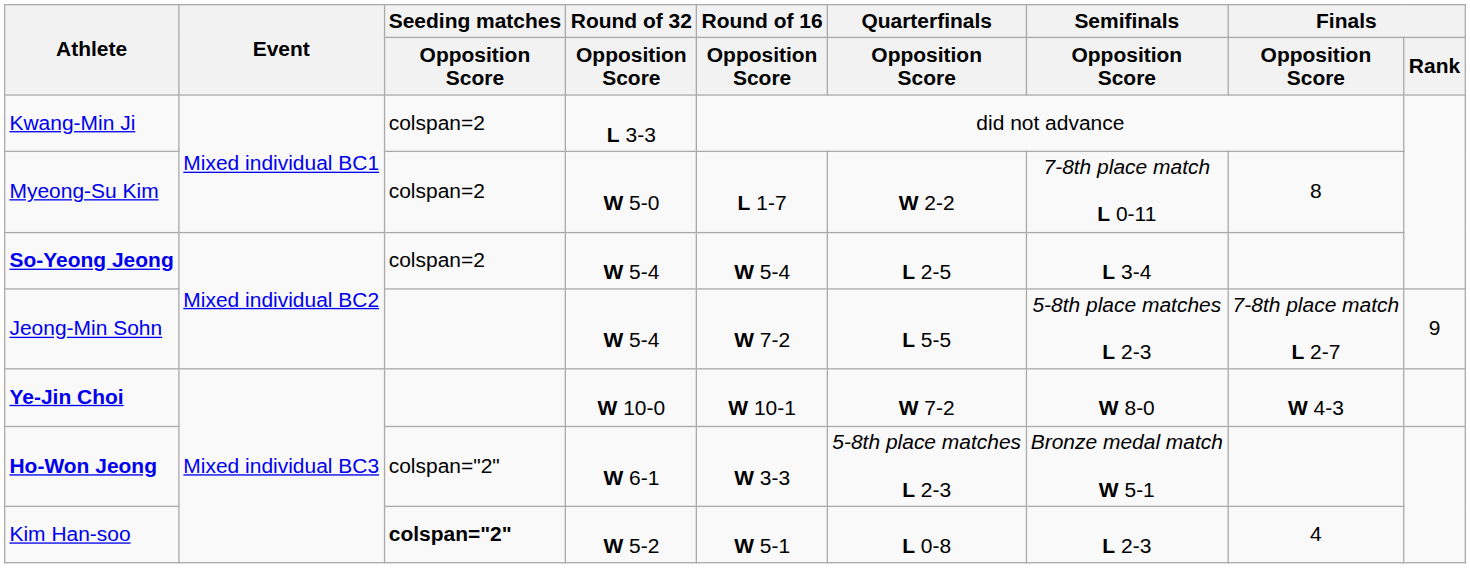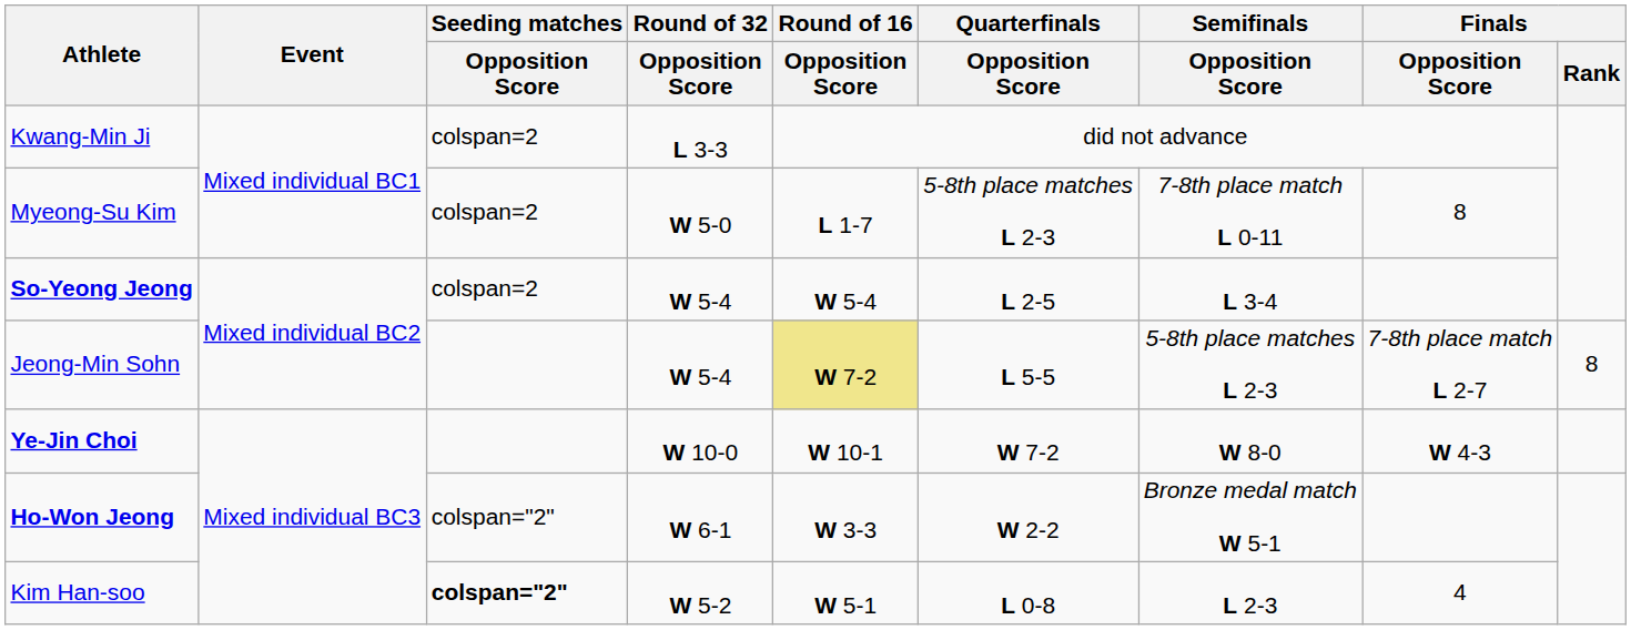 <table class=wikitable>
 <tr>
 <th rowspan="2">Athlete</th>
 <th rowspan="2">Event</th>
 <th>Seeding matches</th>
 <th>Round of 32</th>
 <th>Round of 16</th>
 <th>Quarterfinals</th>
 <th>Semifinals</th>
 <th colspan="2">Finals</th>
 </tr>
 <tr>
 <th>Opposition<br>Score</th>
 <th>Opposition<br>Score</th>
 <th>Opposition<br>Score</th>
 <th>Opposition<br>Score</th>
 <th>Opposition<br>Score</th>
 <th>Opposition<br>Score</th>
 <th>Rank</th>
 </tr>
 <tr>
 <td align=left><a href='#'>Kwang-Min Ji</a></td>
 <td align=left rowspan="2"><a href='#'>Mixed individual BC1</a></td>
 <td>colspan=2 </td>
 <td align=center><br><strong>L</strong> 3-3</td>
 <td align=center colspan="4">did not advance</td>
 </tr>
 <tr>
 <td align=left><a href='#'>Myeong-Su Kim</a></td>
 <td>colspan=2 </td>
 <td align=center><br><strong>W</strong> 5-0</td>
 <td align=center><br><strong>L</strong> 1-7</td>
-<td align=center><br><strong>W</strong> 2-2</td>
+<td align=center><em>5-8th place matches</em><br><br><strong>L</strong> 2-3</td>
 <td align=center><em>7-8th place match</em><br><br><strong>L</strong> 0-11</td>
 <td align=center>8</td>
 </tr>
 <tr>
 <td align=left><strong><a href='#'>So-Yeong Jeong</a></strong></td>
 <td align=left rowspan="2"><a href='#'>Mixed individual BC2</a></td>
 <td>colspan=2 </td>
 <td align=center><br><strong>W</strong> 5-4</td>
 <td align=center><br><strong>W</strong> 5-4</td>
 <td align=center><br><strong>L</strong> 2-5</td>
 <td align=center><br><strong>L</strong> 3-4</td>
 <td align=center></td>
 </tr>
 <tr>
 <td align=left><a href='#'>Jeong-Min Sohn</a></td>
 <td></td>
 <td align=center><br><strong>W</strong> 5-4</td>
-<td align=center><br><strong>W</strong> 7-2</td>
+<td align=center style="background: khaki;"><br><strong>W</strong> 7-2</td>
 <td align=center><br><strong>L</strong> 5-5</td>
 <td align=center><em>5-8th place matches</em><br><br><strong>L</strong> 2-3</td>
 <td align=center><em>7-8th place match</em><br><br><strong>L</strong> 2-7</td>
-<td align=center>9</td>
+<td align=center>8</td>
 </tr>
 <tr>
 <td align=left><strong><a href='#'>Ye-Jin Choi</a></strong></td>
 <td align=left rowspan="3"><a href='#'>Mixed individual BC3</a></td>
 <td></td>
 <td align=center><br><strong>W</strong> 10-0</td>
 <td align=center><br><strong>W</strong> 10-1</td>
 <td align=center><br><strong>W</strong> 7-2</td>
 <td align=center><br><strong>W</strong> 8-0</td>
 <td align=center><br><strong>W</strong> 4-3</td>
 <td align=center></td>
 </tr>
 <tr>
 <td align=left><strong><a href='#'>Ho-Won Jeong</a></strong></td>
 <td>colspan="2" </td>
 <td align=center><br><strong>W</strong> 6-1</td>
 <td align=center><br><strong>W</strong> 3-3</td>
-<td align=center><em>5-8th place matches</em><br><br><strong>L</strong> 2-3</td>
+<td align=center><br><strong>W</strong> 2-2</td>
 <td align=center><em>Bronze medal match</em><br><br><strong>W</strong> 5-1</td>
 <td align=center></td>
 </tr>
 <tr>
 <td align=left><a href='#'>Kim Han-soo</a></td>
 <td><strong>colspan="2" </strong></td>
 <td align=center><br><strong>W</strong> 5-2</td>
 <td align=center><br><strong>W</strong> 5-1</td>
 <td align=center><br><strong>L</strong> 0-8</td>
 <td align=center><br><strong>L</strong> 2-3</td>
 <td align=center>4</td>
 </tr>
 </table>
